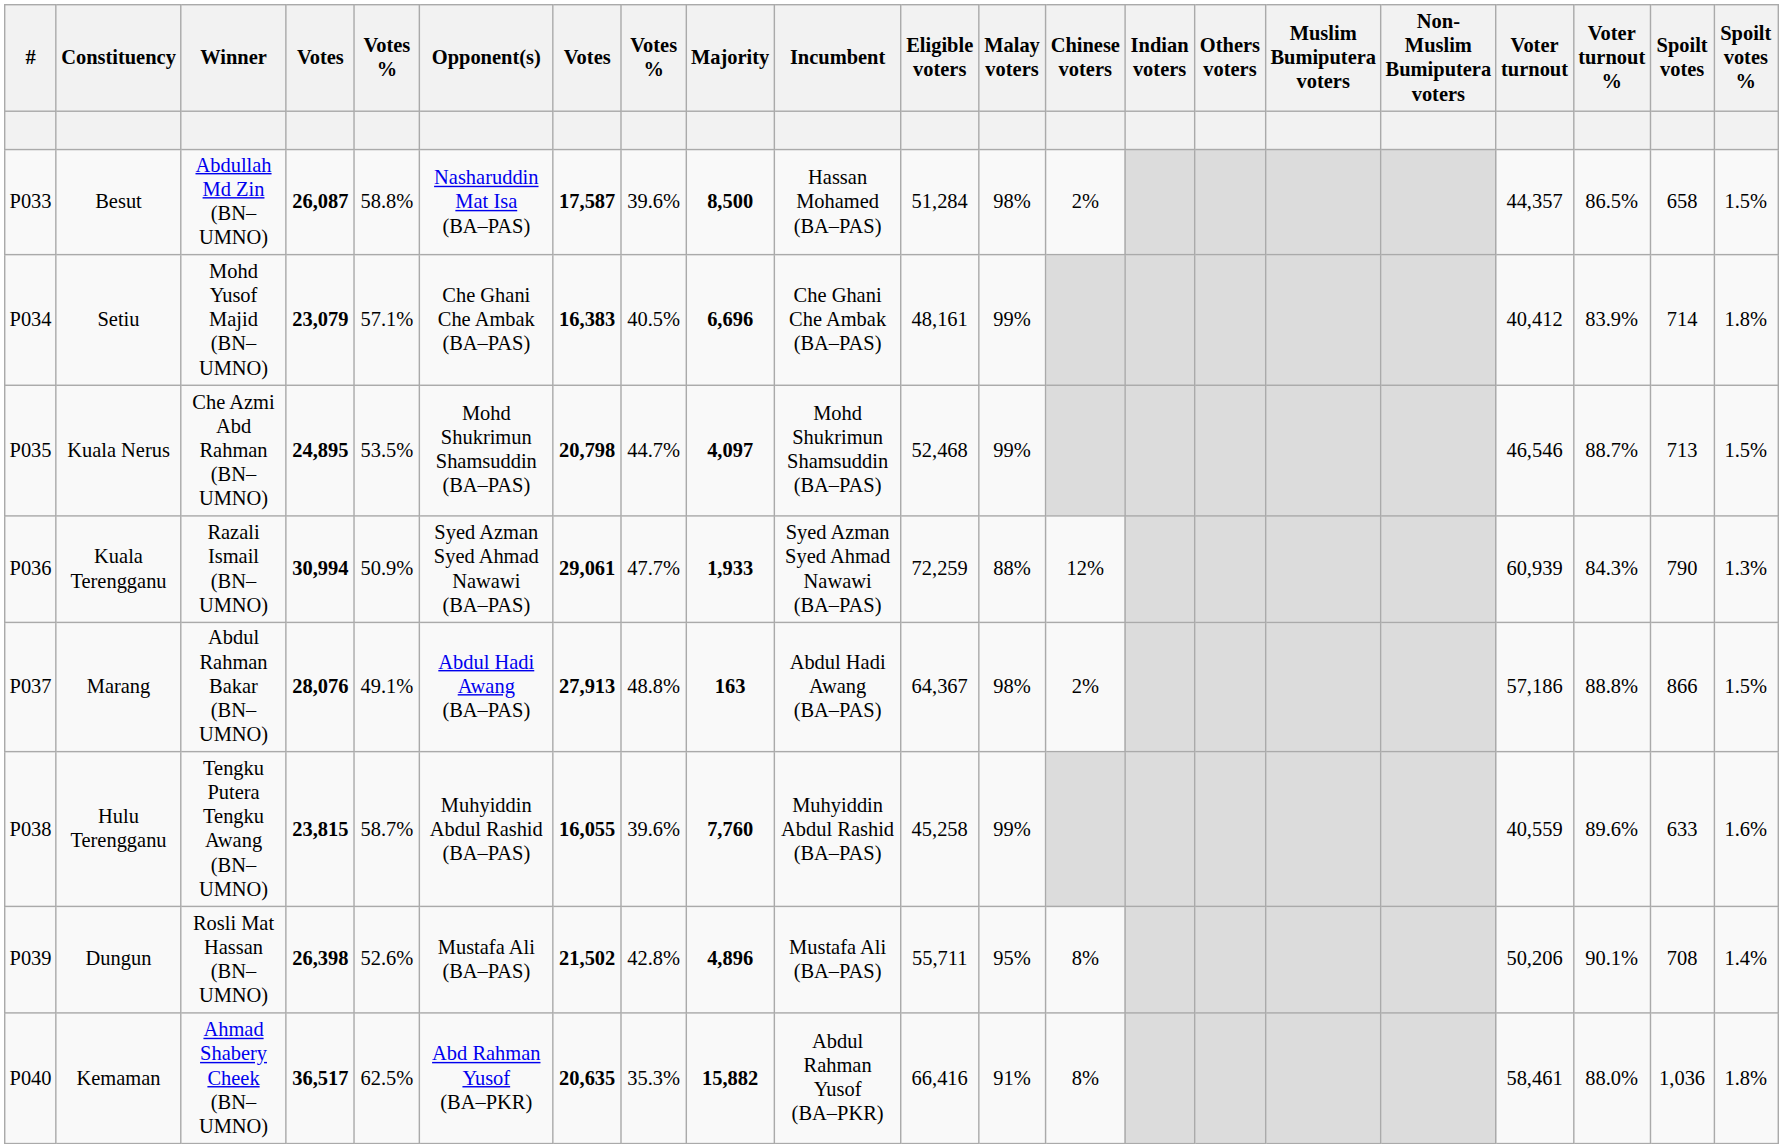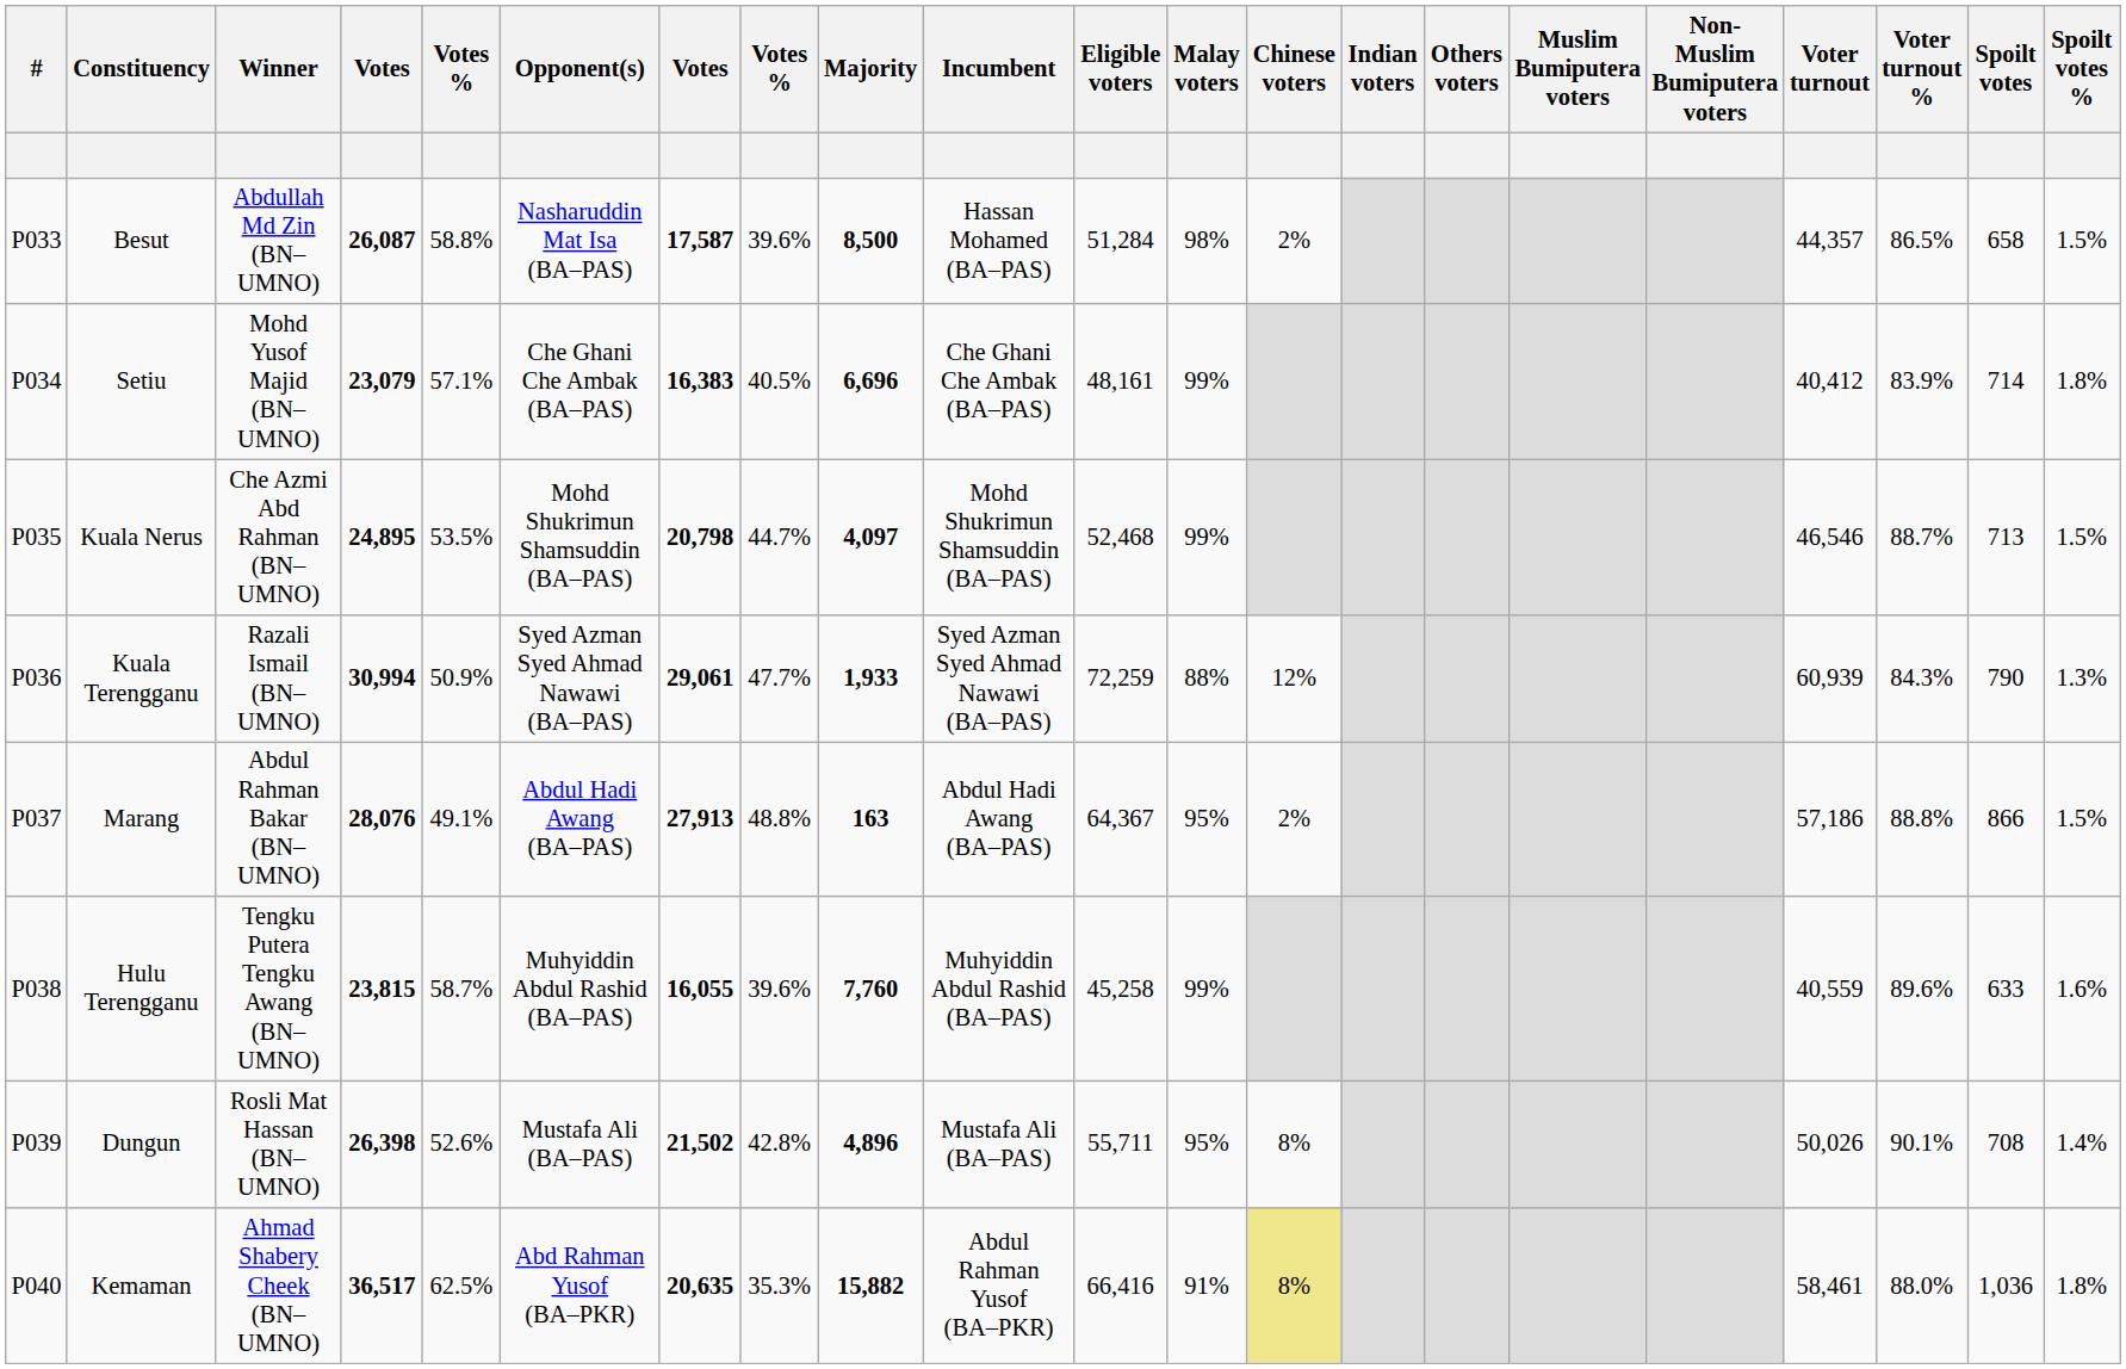 <table class="wikitable sortable" style="text-align:center; font-size:90%">
 <tr>
 <th width="30">#</th>
 <th width="60">Constituency</th>
 <th width="150">Winner</th>
 <th width="50">Votes</th>
 <th width="50">Votes %</th>
 <th width="150">Opponent(s)</th>
 <th width="50">Votes</th>
 <th width="50">Votes %</th>
 <th width="50">Majority</th>
 <th width="150">Incumbent</th>
 <th width="50">Eligible voters</th>
 <th width="50">Malay voters</th>
 <th width="50">Chinese voters</th>
 <th width="50">Indian voters</th>
 <th width="50">Others voters</th>
 <th width="50">Muslim Bumiputera voters</th>
 <th width="50">Non-Muslim Bumiputera voters</th>
 <th width="50">Voter turnout</th>
 <th width="50">Voter turnout %</th>
 <th width="50">Spoilt votes</th>
 <th width="50">Spoilt votes %</th>
 </tr>
 <tr>
 <th height="20"></th>
 <th></th>
 <th></th>
 <th></th>
 <th></th>
 <th></th>
 <th></th>
 <th></th>
 <th></th>
 <th></th>
 <th></th>
 <th></th>
 <th></th>
 <th></th>
 <th></th>
 <th></th>
 <th></th>
 <th></th>
 <th></th>
 <th></th>
 <th></th>
 </tr>
 <tr>
 <td>P033</td>
 <td>Besut</td>
 <td><a href='#'>Abdullah Md Zin</a><br>(BN–UMNO)</td>
 <td><strong>26,087</strong></td>
 <td>58.8%</td>
 <td><a href='#'>Nasharuddin Mat Isa</a><br>(BA–PAS)</td>
 <td><strong>17,587</strong></td>
 <td>39.6%</td>
 <td><strong>8,500</strong></td>
 <td>Hassan Mohamed<br>(BA–PAS)</td>
 <td>51,284</td>
 <td>98%</td>
 <td>2%</td>
 <td bgcolor="dcdcdc"></td>
 <td bgcolor="dcdcdc"></td>
 <td bgcolor="dcdcdc"></td>
 <td bgcolor="dcdcdc"></td>
 <td>44,357</td>
 <td>86.5%</td>
 <td>658</td>
 <td>1.5%</td>
 </tr>
 <tr>
 <td>P034</td>
 <td>Setiu</td>
 <td>Mohd Yusof Majid<br>(BN–UMNO)</td>
 <td><strong>23,079</strong></td>
 <td>57.1%</td>
 <td>Che Ghani Che Ambak<br>(BA–PAS)</td>
 <td><strong>16,383</strong></td>
 <td>40.5%</td>
 <td><strong>6,696</strong></td>
 <td>Che Ghani Che Ambak<br>(BA–PAS)</td>
 <td>48,161</td>
 <td>99%</td>
 <td bgcolor="dcdcdc"></td>
 <td bgcolor="dcdcdc"></td>
 <td bgcolor="dcdcdc"></td>
 <td bgcolor="dcdcdc"></td>
 <td bgcolor="dcdcdc"></td>
 <td>40,412</td>
 <td>83.9%</td>
 <td>714</td>
 <td>1.8%</td>
 </tr>
 <tr>
 <td>P035</td>
 <td>Kuala Nerus</td>
 <td>Che Azmi Abd Rahman<br>(BN–UMNO)</td>
 <td><strong>24,895</strong></td>
 <td>53.5%</td>
 <td>Mohd Shukrimun Shamsuddin<br>(BA–PAS)</td>
 <td><strong>20,798</strong></td>
 <td>44.7%</td>
 <td><strong>4,097</strong></td>
 <td>Mohd Shukrimun Shamsuddin<br>(BA–PAS)</td>
 <td>52,468</td>
 <td>99%</td>
 <td bgcolor="dcdcdc"></td>
 <td bgcolor="dcdcdc"></td>
 <td bgcolor="dcdcdc"></td>
 <td bgcolor="dcdcdc"></td>
 <td bgcolor="dcdcdc"></td>
 <td>46,546</td>
 <td>88.7%</td>
 <td>713</td>
 <td>1.5%</td>
 </tr>
 <tr>
 <td>P036</td>
 <td>Kuala Terengganu</td>
 <td>Razali Ismail<br>(BN–UMNO)</td>
 <td><strong>30,994</strong></td>
 <td>50.9%</td>
 <td>Syed Azman Syed Ahmad Nawawi<br>(BA–PAS)</td>
 <td><strong>29,061</strong></td>
 <td>47.7%</td>
 <td><strong>1,933</strong></td>
 <td>Syed Azman Syed Ahmad Nawawi<br>(BA–PAS)</td>
 <td>72,259</td>
 <td>88%</td>
 <td>12%</td>
 <td bgcolor="dcdcdc"></td>
 <td bgcolor="dcdcdc"></td>
 <td bgcolor="dcdcdc"></td>
 <td bgcolor="dcdcdc"></td>
 <td>60,939</td>
 <td>84.3%</td>
 <td>790</td>
 <td>1.3%</td>
 </tr>
 <tr>
 <td>P037</td>
 <td>Marang</td>
 <td>Abdul Rahman Bakar<br>(BN–UMNO)</td>
 <td><strong>28,076</strong></td>
 <td>49.1%</td>
 <td><a href='#'>Abdul Hadi Awang</a><br>(BA–PAS)</td>
 <td><strong>27,913</strong></td>
 <td>48.8%</td>
 <td><strong>163</strong></td>
 <td>Abdul Hadi Awang<br>(BA–PAS)</td>
 <td>64,367</td>
-<td>98%</td>
+<td>95%</td>
 <td>2%</td>
 <td bgcolor="dcdcdc"></td>
 <td bgcolor="dcdcdc"></td>
 <td bgcolor="dcdcdc"></td>
 <td bgcolor="dcdcdc"></td>
 <td>57,186</td>
 <td>88.8%</td>
 <td>866</td>
 <td>1.5%</td>
 </tr>
 <tr>
 <td>P038</td>
 <td>Hulu Terengganu</td>
 <td>Tengku Putera Tengku Awang<br>(BN–UMNO)</td>
 <td><strong>23,815</strong></td>
 <td>58.7%</td>
 <td>Muhyiddin Abdul Rashid<br>(BA–PAS)</td>
 <td><strong>16,055</strong></td>
 <td>39.6%</td>
 <td><strong>7,760</strong></td>
 <td>Muhyiddin Abdul Rashid<br>(BA–PAS)</td>
 <td>45,258</td>
 <td>99%</td>
 <td bgcolor="dcdcdc"></td>
 <td bgcolor="dcdcdc"></td>
 <td bgcolor="dcdcdc"></td>
 <td bgcolor="dcdcdc"></td>
 <td bgcolor="dcdcdc"></td>
 <td>40,559</td>
 <td>89.6%</td>
 <td>633</td>
 <td>1.6%</td>
 </tr>
 <tr>
 <td>P039</td>
 <td>Dungun</td>
 <td>Rosli Mat Hassan<br>(BN–UMNO)</td>
 <td><strong>26,398</strong></td>
 <td>52.6%</td>
 <td>Mustafa Ali<br>(BA–PAS)</td>
 <td><strong>21,502</strong></td>
 <td>42.8%</td>
 <td><strong>4,896</strong></td>
 <td>Mustafa Ali<br>(BA–PAS)</td>
 <td>55,711</td>
 <td>95%</td>
 <td>8%</td>
 <td bgcolor="dcdcdc"></td>
 <td bgcolor="dcdcdc"></td>
 <td bgcolor="dcdcdc"></td>
 <td bgcolor="dcdcdc"></td>
-<td>50,206</td>
+<td>50,026</td>
 <td>90.1%</td>
 <td>708</td>
 <td>1.4%</td>
 </tr>
 <tr>
 <td>P040</td>
 <td>Kemaman</td>
 <td><a href='#'>Ahmad Shabery Cheek</a><br>(BN–UMNO)</td>
 <td><strong>36,517</strong></td>
 <td>62.5%</td>
 <td><a href='#'>Abd Rahman Yusof</a><br>(BA–PKR)</td>
 <td><strong>20,635</strong></td>
 <td>35.3%</td>
 <td><strong>15,882</strong></td>
 <td>Abdul Rahman Yusof<br>(BA–PKR)</td>
 <td>66,416</td>
 <td>91%</td>
-<td>8%</td>
+<td style="background: khaki;">8%</td>
 <td bgcolor="dcdcdc"></td>
 <td bgcolor="dcdcdc"></td>
 <td bgcolor="dcdcdc"></td>
 <td bgcolor="dcdcdc"></td>
 <td>58,461</td>
 <td>88.0%</td>
 <td>1,036</td>
 <td>1.8%</td>
 </tr>
 </table>
